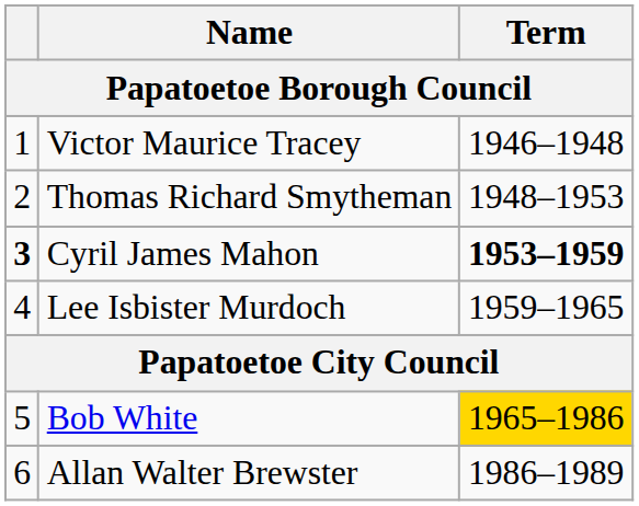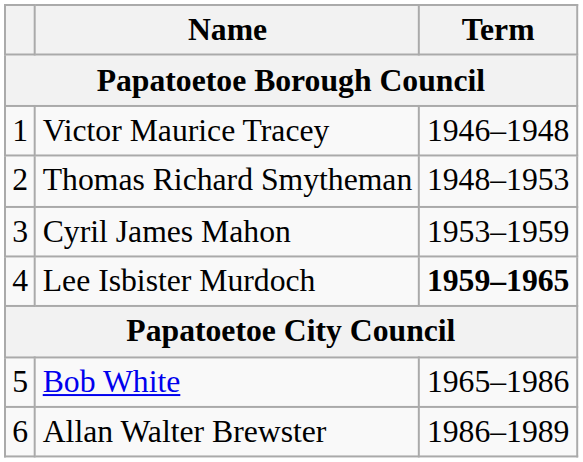 <table class="wikitable">
 <tr>
 <th></th>
 <th>Name</th>
 <th>Term</th>
 </tr>
 <tr>
 <th colspan=3>Papatoetoe Borough Council</th>
 </tr>
 <tr>
 <td>1</td>
 <td>Victor Maurice Tracey</td>
 <td>1946–1948</td>
 </tr>
 <tr>
 <td>2</td>
 <td>Thomas Richard Smytheman</td>
 <td>1948–1953</td>
 </tr>
 <tr>
-<td><strong>3</strong></td>
+<td>3</td>
 <td>Cyril James Mahon</td>
-<td><strong>1953–1959</strong></td>
+<td>1953–1959</td>
 </tr>
 <tr>
 <td>4</td>
 <td>Lee Isbister Murdoch</td>
-<td>1959–1965</td>
+<td><strong>1959–1965</strong></td>
 </tr>
 <tr>
 <th colspan=3>Papatoetoe City Council</th>
 </tr>
 <tr>
 <td>5</td>
 <td><a href='#'>Bob White</a></td>
-<td style="background: gold;">1965–1986</td>
+<td>1965–1986</td>
 </tr>
 <tr>
 <td>6</td>
 <td>Allan Walter Brewster</td>
 <td>1986–1989</td>
 </tr>
 </table>
